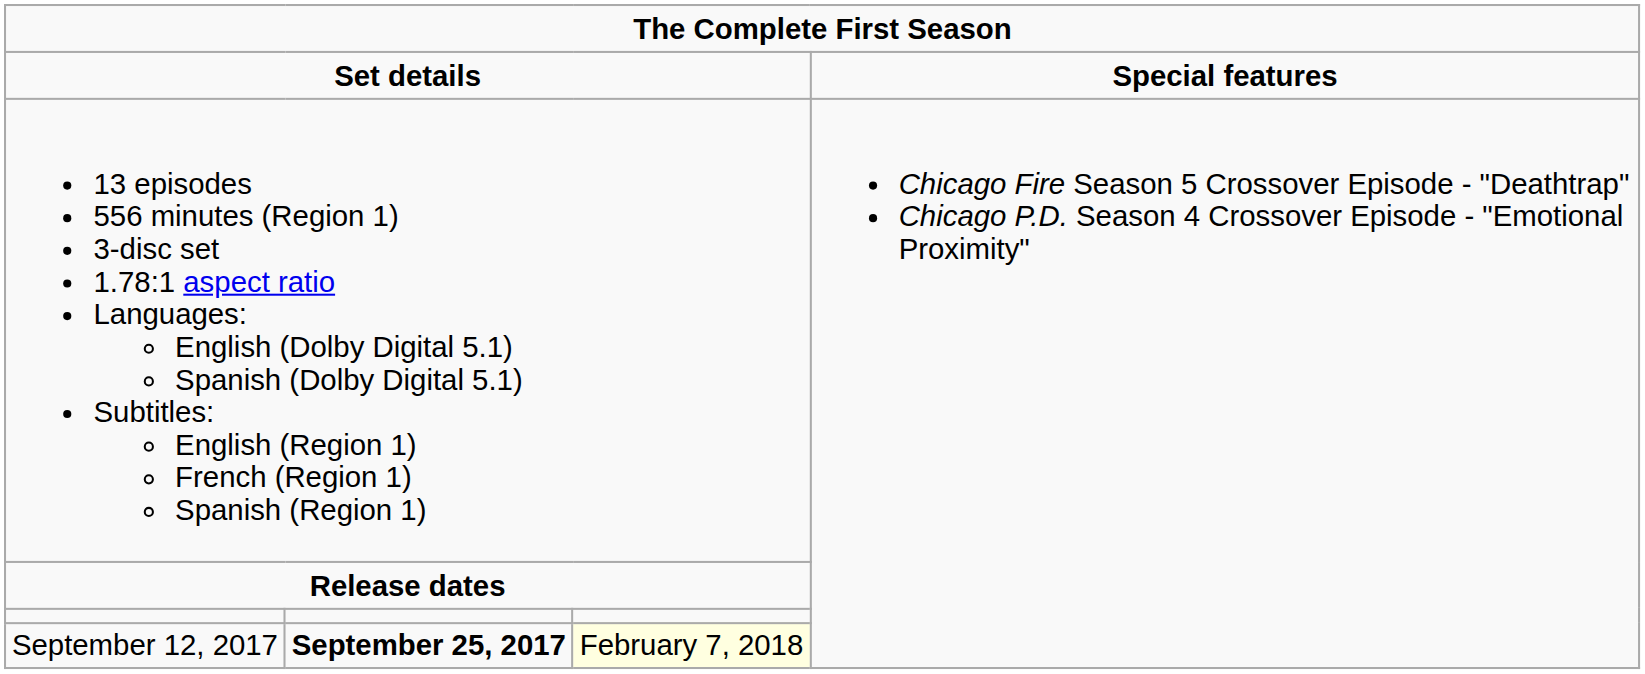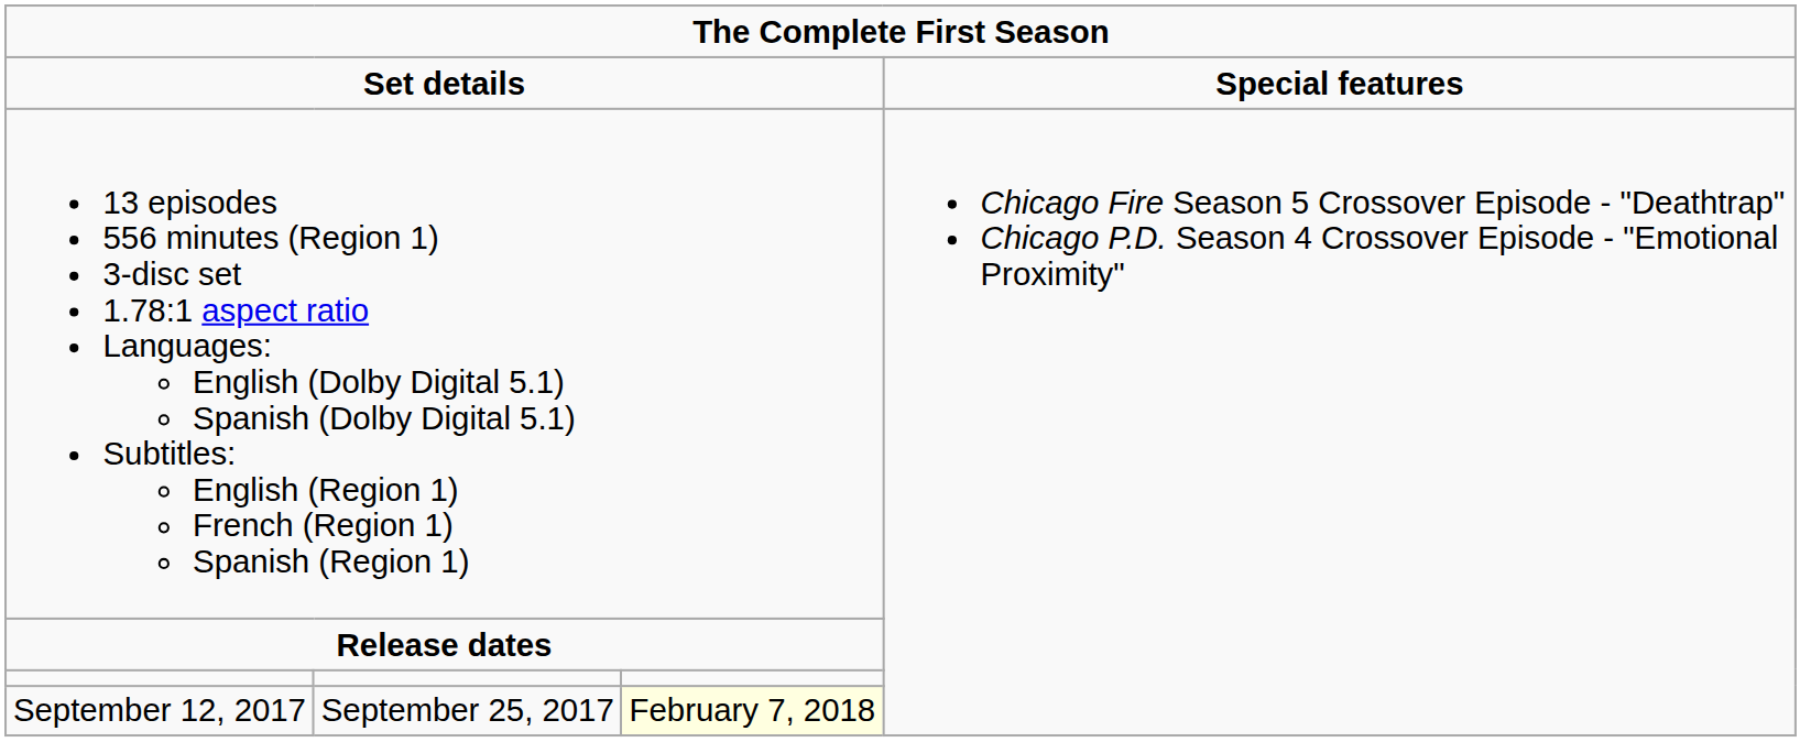 <table class="wikitable plainrowheaders" style="font-size:90%; text-align:center;">
 <tr>
 <td colspan="6"><strong>The Complete First Season</strong></td>
 </tr>
 <tr>
 <td align="center" width="300" colspan="3"><strong>Set details</strong></td>
 <td width="400" align="center"><strong>Special features</strong></td>
 </tr>
 <tr valign="top">
 <td colspan="3" align="left" width="300"><br><ul><li>13 episodes</li><li>556 minutes (Region 1)</li><li>3-disc set</li><li>1.78:1 <a href='#'>aspect ratio</a></li><li>Languages:<ul><li>English (Dolby Digital 5.1)</li><li>Spanish (Dolby Digital 5.1)</li></ul></li><li>Subtitles:<ul><li>English (Region 1)</li><li>French (Region 1)</li><li>Spanish (Region 1)</li></ul></li></ul></td>
 <td rowspan="4" align="left" width="400"><br><ul><li><em>Chicago Fire</em> Season 5 Crossover Episode - "Deathtrap"</li><li><em>Chicago P.D.</em> Season 4 Crossover Episode - "Emotional Proximity"</li></ul></td>
 </tr>
 <tr>
 <td colspan="3" align="center"><strong>Release dates</strong></td>
 </tr>
 <tr>
 <td align="center"></td>
 <td align="center"></td>
 <td align="center"></td>
 </tr>
 <tr>
 <td align="center">September 12, 2017</td>
-<td align="center"><strong>September 25, 2017</strong></td>
+<td align="center">September 25, 2017</td>
 <td align="center" style="background: lightyellow;">February 7, 2018</td>
 </tr>
 </table>
